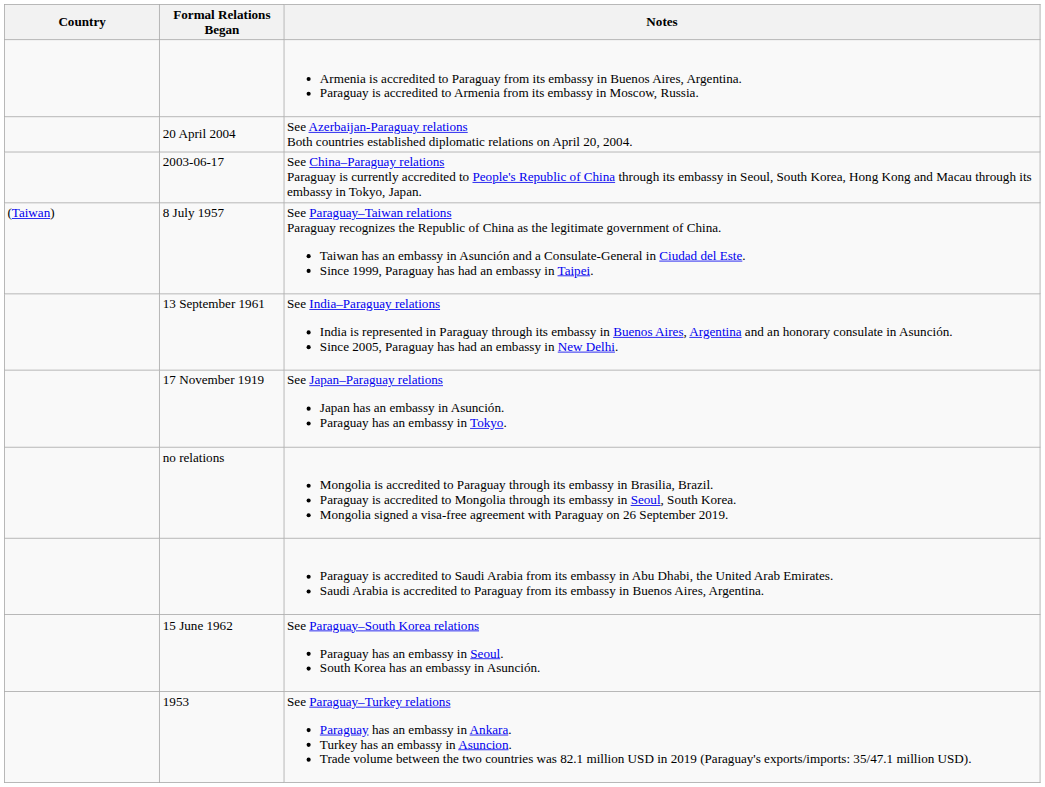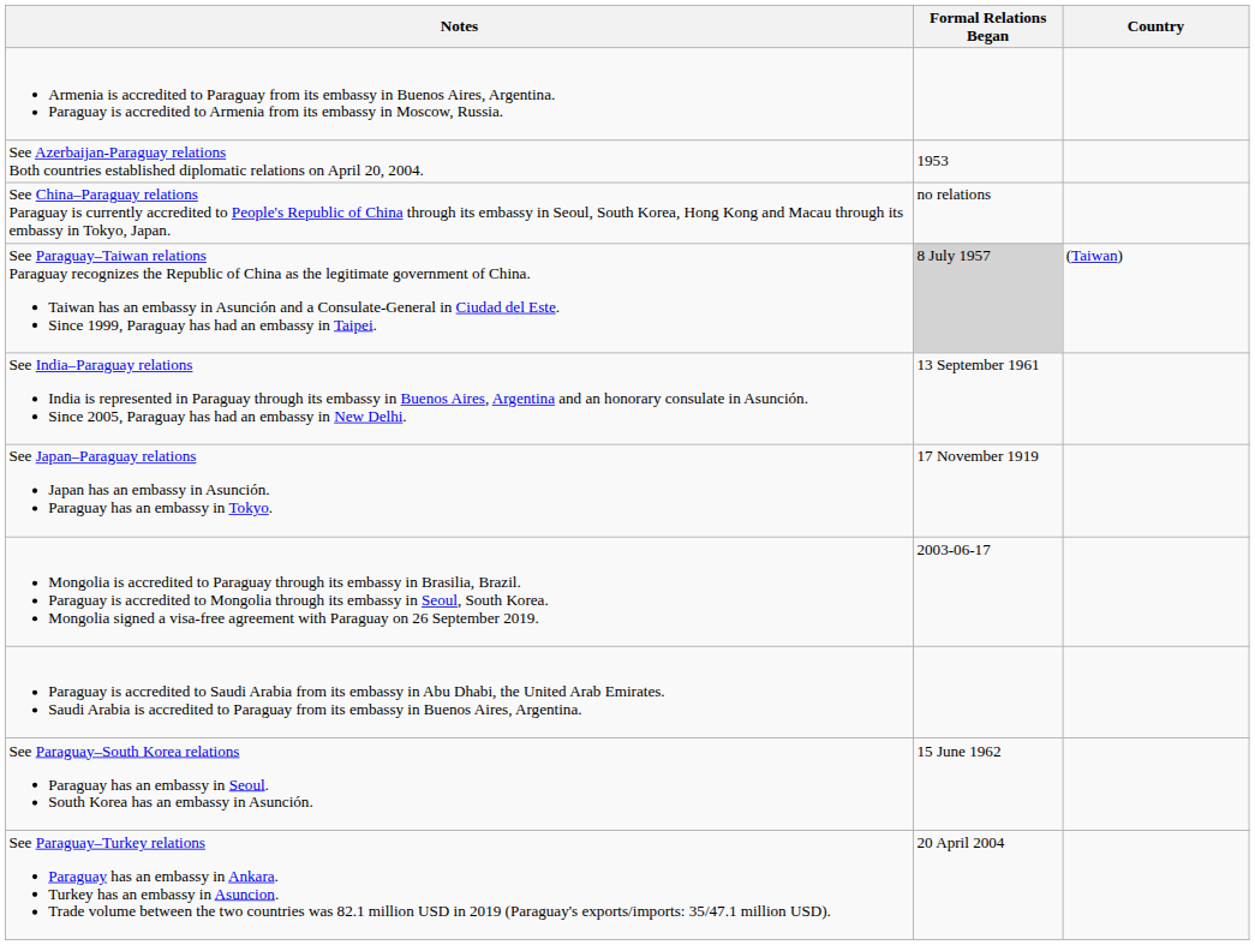 <table class="wikitable sortable" style="width:100%; margin:auto;">
 <tr>
+<th>Notes</th>
+<th style="width:12%;">Formal Relations Began</th>
 <th style="width:15%;">Country</th>
-<th style="width:12%;">Formal Relations Began</th>
-<th>Notes</th>
 </tr>
 <tr valign="top">
+<td><br><ul><li>Armenia is accredited to Paraguay from its embassy in Buenos Aires, Argentina.</li><li>Paraguay is accredited to Armenia from its embassy in Moscow, Russia.</li></ul></td>
 <td></td>
 <td></td>
-<td><br><ul><li>Armenia is accredited to Paraguay from its embassy in Buenos Aires, Argentina.</li><li>Paraguay is accredited to Armenia from its embassy in Moscow, Russia.</li></ul></td>
 </tr>
 <tr>
+<td>See <a href='#'>Azerbaijan-Paraguay relations</a><br>Both countries established diplomatic relations on April 20, 2004.</td>
+<td>1953</td>
 <td></td>
-<td>20 April 2004</td>
-<td>See <a href='#'>Azerbaijan-Paraguay relations</a><br>Both countries established diplomatic relations on April 20, 2004.</td>
 </tr>
 <tr valign="top">
+<td>See <a href='#'>China–Paraguay relations</a><br>Paraguay is currently accredited to <a href='#'>People's Republic of China</a> through its embassy in Seoul, South Korea, Hong Kong and Macau through its embassy in Tokyo, Japan.</td>
+<td>no relations</td>
 <td></td>
-<td>2003-06-17</td>
-<td>See <a href='#'>China–Paraguay relations</a><br>Paraguay is currently accredited to <a href='#'>People's Republic of China</a> through its embassy in Seoul, South Korea, Hong Kong and Macau through its embassy in Tokyo, Japan.</td>
 </tr>
 <tr valign="top">
+<td>See <a href='#'>Paraguay–Taiwan relations</a><br>Paraguay recognizes the Republic of China as the legitimate government of China.<ul><li>Taiwan has an embassy in Asunción and a Consulate-General in <a href='#'>Ciudad del Este</a>.</li><li>Since 1999, Paraguay has had an embassy in <a href='#'>Taipei</a>.</li></ul></td>
+<td style="background: lightgrey;">8 July 1957</td>
 <td> (<a href='#'>Taiwan</a>)</td>
-<td>8 July 1957</td>
-<td>See <a href='#'>Paraguay–Taiwan relations</a><br>Paraguay recognizes the Republic of China as the legitimate government of China.<ul><li>Taiwan has an embassy in Asunción and a Consulate-General in <a href='#'>Ciudad del Este</a>.</li><li>Since 1999, Paraguay has had an embassy in <a href='#'>Taipei</a>.</li></ul></td>
 </tr>
 <tr valign="top">
+<td>See <a href='#'>India–Paraguay relations</a><br><ul><li>India is represented in Paraguay through its embassy in <a href='#'>Buenos Aires</a>, <a href='#'>Argentina</a> and an honorary consulate in Asunción.</li><li>Since 2005, Paraguay has had an embassy in <a href='#'>New Delhi</a>.</li></ul></td>
+<td>13 September 1961</td>
 <td></td>
-<td>13 September 1961</td>
-<td>See <a href='#'>India–Paraguay relations</a><br><ul><li>India is represented in Paraguay through its embassy in <a href='#'>Buenos Aires</a>, <a href='#'>Argentina</a> and an honorary consulate in Asunción.</li><li>Since 2005, Paraguay has had an embassy in <a href='#'>New Delhi</a>.</li></ul></td>
 </tr>
 <tr valign="top">
+<td>See <a href='#'>Japan–Paraguay relations</a><br><ul><li>Japan has an embassy in Asunción.</li><li>Paraguay has an embassy in <a href='#'>Tokyo</a>.</li></ul></td>
+<td>17 November 1919</td>
 <td></td>
-<td>17 November 1919</td>
-<td>See <a href='#'>Japan–Paraguay relations</a><br><ul><li>Japan has an embassy in Asunción.</li><li>Paraguay has an embassy in <a href='#'>Tokyo</a>.</li></ul></td>
 </tr>
 <tr valign="top">
+<td><br><ul><li>Mongolia is accredited to Paraguay through its embassy in Brasilia, Brazil.</li><li>Paraguay is accredited to Mongolia through its embassy in <a href='#'>Seoul</a>, South Korea.</li><li>Mongolia signed a visa-free agreement with Paraguay on 26 September 2019.</li></ul></td>
+<td>2003-06-17</td>
 <td></td>
-<td>no relations</td>
-<td><br><ul><li>Mongolia is accredited to Paraguay through its embassy in Brasilia, Brazil.</li><li>Paraguay is accredited to Mongolia through its embassy in <a href='#'>Seoul</a>, South Korea.</li><li>Mongolia signed a visa-free agreement with Paraguay on 26 September 2019.</li></ul></td>
 </tr>
 <tr valign="top">
+<td><br><ul><li>Paraguay is accredited to Saudi Arabia from its embassy in Abu Dhabi, the United Arab Emirates.</li><li>Saudi Arabia is accredited to Paraguay from its embassy in Buenos Aires, Argentina.</li></ul></td>
 <td></td>
 <td></td>
-<td><br><ul><li>Paraguay is accredited to Saudi Arabia from its embassy in Abu Dhabi, the United Arab Emirates.</li><li>Saudi Arabia is accredited to Paraguay from its embassy in Buenos Aires, Argentina.</li></ul></td>
 </tr>
 <tr valign="top">
+<td>See <a href='#'>Paraguay–South Korea relations</a><br><ul><li>Paraguay has an embassy in <a href='#'>Seoul</a>.</li><li>South Korea has an embassy in Asunción.</li></ul></td>
+<td>15 June 1962</td>
 <td></td>
-<td>15 June 1962</td>
-<td>See <a href='#'>Paraguay–South Korea relations</a><br><ul><li>Paraguay has an embassy in <a href='#'>Seoul</a>.</li><li>South Korea has an embassy in Asunción.</li></ul></td>
 </tr>
 <tr valign="top">
+<td>See <a href='#'>Paraguay–Turkey relations</a><br><ul><li><a href='#'>Paraguay</a> has an embassy in <a href='#'>Ankara</a>.</li><li>Turkey has an embassy in <a href='#'>Asuncion</a>.</li><li>Trade volume between the two countries was 82.1 million USD in 2019 (Paraguay's exports/imports: 35/47.1 million USD).</li></ul></td>
+<td>20 April 2004</td>
 <td></td>
-<td>1953</td>
-<td>See <a href='#'>Paraguay–Turkey relations</a><br><ul><li><a href='#'>Paraguay</a> has an embassy in <a href='#'>Ankara</a>.</li><li>Turkey has an embassy in <a href='#'>Asuncion</a>.</li><li>Trade volume between the two countries was 82.1 million USD in 2019 (Paraguay's exports/imports: 35/47.1 million USD).</li></ul></td>
 </tr>
 </table>
